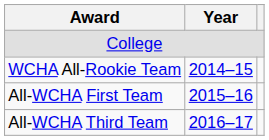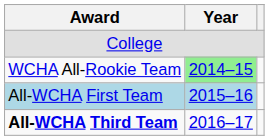 <table class="wikitable">
 <tr>
 <th>Award</th>
 <th>Year</th>
 <th></th>
 </tr>
 <tr ALIGN="center" bgcolor="#e0e0e0">
 <td colspan="3"><a href='#'>College</a></td>
 </tr>
 <tr>
 <td><a href='#'>WCHA</a> All-<a href='#'>Rookie Team</a></td>
-<td><a href='#'>2014–15</a></td>
+<td style="background: lightgreen;"><a href='#'>2014–15</a></td>
 <td></td>
 </tr>
 <tr>
-<td>All-<a href='#'>WCHA</a> <a href='#'>First Team</a></td>
-<td><a href='#'>2015–16</a></td>
+<td style="background: lightblue;">All-<a href='#'>WCHA</a> <a href='#'>First Team</a></td>
+<td style="background: lightblue;"><a href='#'>2015–16</a></td>
 <td></td>
 </tr>
 <tr>
-<td>All-<a href='#'>WCHA</a> <a href='#'>Third Team</a></td>
+<td><strong>All-<a href='#'>WCHA</a> <a href='#'>Third Team</a></strong></td>
 <td><a href='#'>2016–17</a></td>
 <td></td>
 </tr>
 </table>
